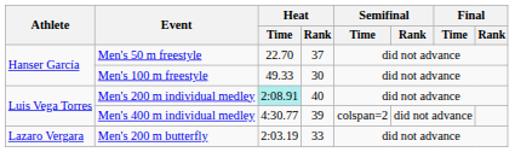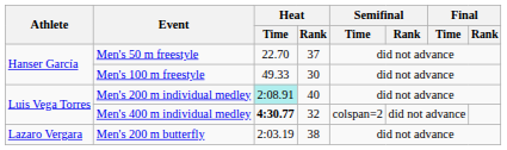 <table class=wikitable style="font-size:90%">
 <tr>
 <th rowspan="2">Athlete</th>
 <th rowspan="2">Event</th>
 <th colspan="2">Heat</th>
 <th colspan="2">Semifinal</th>
 <th colspan="2">Final</th>
 </tr>
 <tr style="font-size:95%">
 <th>Time</th>
 <th>Rank</th>
 <th>Time</th>
 <th>Rank</th>
 <th>Time</th>
 <th>Rank</th>
 </tr>
 <tr align=center>
 <td align=left rowspan=2><a href='#'>Hanser García</a></td>
 <td align=left><a href='#'>Men's 50 m freestyle</a></td>
 <td>22.70</td>
 <td>37</td>
 <td colspan=4>did not advance</td>
 </tr>
 <tr align=center>
 <td align=left><a href='#'>Men's 100 m freestyle</a></td>
 <td>49.33</td>
 <td>30</td>
 <td colspan=4>did not advance</td>
 </tr>
 <tr align=center>
 <td align=left rowspan=2><a href='#'>Luis Vega Torres</a></td>
 <td align=left><a href='#'>Men's 200 m individual medley</a></td>
 <td style="background: paleturquoise;">2:08.91</td>
 <td>40</td>
 <td colspan=4>did not advance</td>
 </tr>
 <tr align=center>
 <td align=left><a href='#'>Men's 400 m individual medley</a></td>
-<td>4:30.77</td>
-<td>39</td>
+<td><strong>4:30.77</strong></td>
+<td>32</td>
 <td>colspan=2 </td>
 <td colspan=2>did not advance</td>
 </tr>
 <tr align=center>
 <td align=left><a href='#'>Lazaro Vergara</a></td>
 <td align=left><a href='#'>Men's 200 m butterfly</a></td>
 <td>2:03.19</td>
-<td>33</td>
+<td>38</td>
 <td colspan=4>did not advance</td>
 </tr>
 </table>
